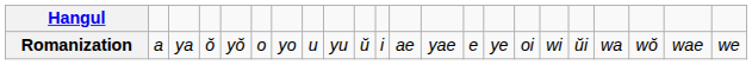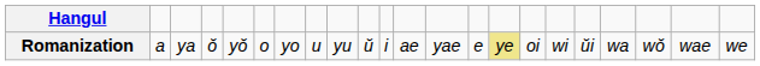 <table class=wikitable width=700 style="text-align:center;">
 <tr>
 <th><a href='#'>Hangul</a></th>
 <td></td>
 <td></td>
 <td></td>
 <td></td>
 <td></td>
 <td></td>
 <td></td>
 <td></td>
 <td></td>
 <td></td>
 <td></td>
 <td></td>
 <td></td>
 <td></td>
 <td></td>
 <td></td>
 <td></td>
 <td></td>
 <td></td>
 <td></td>
 <td></td>
 </tr>
 <tr>
 <th>Romanization</th>
 <td><em>a</em></td>
 <td><em>ya</em></td>
 <td><em>ŏ</em></td>
 <td><em>yŏ</em></td>
 <td><em>o</em></td>
 <td><em>yo</em></td>
 <td><em>u</em></td>
 <td><em>yu</em></td>
 <td><em>ŭ</em></td>
 <td><em>i</em></td>
 <td><em>ae</em></td>
 <td><em>yae</em></td>
 <td><em>e</em></td>
-<td><em>ye</em></td>
+<td style="background: khaki;"><em>ye</em></td>
 <td><em>oi</em></td>
 <td><em>wi</em></td>
 <td><em>ŭi</em></td>
 <td><em>wa</em></td>
 <td><em>wŏ</em></td>
 <td><em>wae</em></td>
 <td><em>we</em></td>
 </tr>
 </table>
